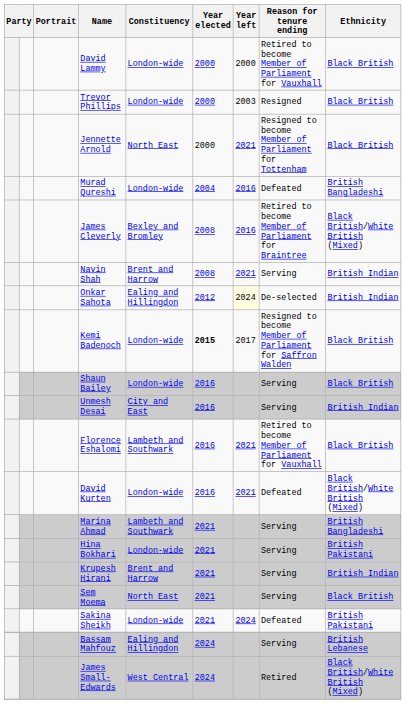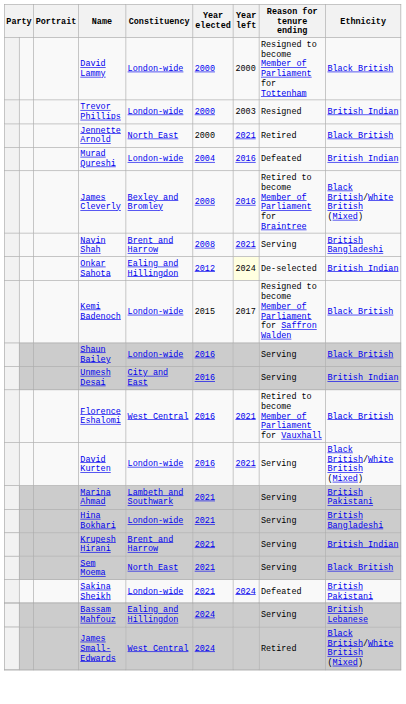 <table class="wikitable sortable">
 <tr>
 <th colspan=2>Party</th>
 <th>Portrait</th>
 <th>Name</th>
 <th>Constituency</th>
 <th>Year elected</th>
 <th>Year left</th>
 <th>Reason for tenure ending</th>
 <th>Ethnicity</th>
 </tr>
 <tr>
 <th style="background-color: "></th>
 <td></td>
 <td></td>
 <td><a href='#'>David Lammy</a></td>
 <td><a href='#'>London-wide</a></td>
 <td><a href='#'>2000</a></td>
 <td>2000</td>
-<td>Retired to become <a href='#'>Member of Parliament</a> for <a href='#'>Vauxhall</a></td>
+<td>Resigned to become <a href='#'>Member of Parliament</a> for <a href='#'>Tottenham</a></td>
 <td><a href='#'>Black British</a></td>
 </tr>
 <tr>
 <th style="background-color: "></th>
 <td></td>
 <td></td>
 <td><a href='#'>Trevor Phillips</a></td>
 <td><a href='#'>London-wide</a></td>
 <td><a href='#'>2000</a></td>
 <td>2003</td>
 <td>Resigned</td>
-<td><a href='#'>Black British</a></td>
+<td><a href='#'>British Indian</a></td>
 </tr>
 <tr>
 <th style="background-color: "></th>
 <td></td>
 <td></td>
 <td><a href='#'>Jennette Arnold</a></td>
 <td><a href='#'>North East</a></td>
 <td>2000</td>
 <td><a href='#'>2021</a></td>
-<td>Resigned to become <a href='#'>Member of Parliament</a> for <a href='#'>Tottenham</a></td>
+<td>Retired</td>
 <td><a href='#'>Black British</a></td>
 </tr>
 <tr>
 <th style="background-color: "></th>
 <td></td>
 <td></td>
 <td><a href='#'>Murad Qureshi</a></td>
 <td><a href='#'>London-wide</a></td>
 <td><a href='#'>2004</a></td>
 <td><a href='#'>2016</a></td>
 <td>Defeated</td>
-<td><a href='#'>British Bangladeshi</a></td>
+<td><a href='#'>British Indian</a></td>
 </tr>
 <tr>
 <th style="background-color: "></th>
 <td></td>
 <td></td>
 <td><a href='#'>James Cleverly</a></td>
 <td><a href='#'>Bexley and Bromley</a></td>
 <td><a href='#'>2008</a></td>
 <td><a href='#'>2016</a></td>
 <td>Retired to become <a href='#'>Member of Parliament</a> for <a href='#'>Braintree</a></td>
 <td><a href='#'>Black British</a>/<a href='#'>White British</a> (<a href='#'>Mixed</a>)</td>
 </tr>
 <tr>
 <th style="background-color: "></th>
 <td></td>
 <td></td>
 <td><a href='#'>Navin Shah</a></td>
 <td><a href='#'>Brent and Harrow</a></td>
 <td><a href='#'>2008</a></td>
 <td><a href='#'>2021</a></td>
 <td>Serving</td>
-<td><a href='#'>British Indian</a></td>
+<td><a href='#'>British Bangladeshi</a></td>
 </tr>
 <tr>
 <th style="background-color: "></th>
 <td></td>
 <td></td>
 <td><a href='#'>Onkar Sahota</a></td>
 <td><a href='#'>Ealing and Hillingdon</a></td>
 <td><a href='#'>2012</a></td>
 <td style="background: lightyellow;">2024</td>
 <td>De-selected</td>
 <td><a href='#'>British Indian</a></td>
 </tr>
 <tr>
 <th style="background-color: "></th>
 <td></td>
 <td></td>
 <td><a href='#'>Kemi Badenoch</a></td>
 <td><a href='#'>London-wide</a></td>
-<td><strong>2015</strong></td>
+<td>2015</td>
 <td>2017</td>
 <td>Resigned to become <a href='#'>Member of Parliament</a> for <a href='#'>Saffron Walden</a></td>
 <td><a href='#'>Black British</a></td>
 </tr>
 <tr style="background:#ccc;">
 <th style="background-color: "></th>
 <td></td>
 <td></td>
 <td><a href='#'>Shaun Bailey</a></td>
 <td><a href='#'>London-wide</a></td>
 <td><a href='#'>2016</a></td>
 <td></td>
 <td>Serving</td>
 <td><a href='#'>Black British</a></td>
 </tr>
 <tr style="background:#ccc;">
 <th style="background-color: "></th>
 <td></td>
 <td></td>
 <td><a href='#'>Unmesh Desai</a></td>
 <td><a href='#'>City and East</a></td>
 <td><a href='#'>2016</a></td>
 <td></td>
 <td>Serving</td>
 <td><a href='#'>British Indian</a></td>
 </tr>
 <tr>
 <th style="background-color: "></th>
 <td></td>
 <td></td>
 <td><a href='#'>Florence Eshalomi</a></td>
-<td><a href='#'>Lambeth and Southwark</a></td>
+<td><a href='#'>West Central</a></td>
 <td><a href='#'>2016</a></td>
 <td><a href='#'>2021</a></td>
 <td>Retired to become <a href='#'>Member of Parliament</a> for <a href='#'>Vauxhall</a></td>
 <td><a href='#'>Black British</a></td>
 </tr>
 <tr>
 <th style="background-color: "></th>
 <td></td>
 <td></td>
 <td><a href='#'>David Kurten</a></td>
 <td><a href='#'>London-wide</a></td>
 <td><a href='#'>2016</a></td>
 <td><a href='#'>2021</a></td>
-<td>Defeated</td>
+<td>Serving</td>
 <td><a href='#'>Black British</a>/<a href='#'>White British</a> (<a href='#'>Mixed</a>)</td>
 </tr>
 <tr style="background:#ccc;">
 <th style="background-color: "></th>
 <td></td>
 <td></td>
 <td><a href='#'>Marina Ahmad</a></td>
 <td><a href='#'>Lambeth and Southwark</a></td>
 <td><a href='#'>2021</a></td>
 <td></td>
 <td>Serving</td>
-<td><a href='#'>British Bangladeshi</a></td>
+<td><a href='#'>British Pakistani</a></td>
 </tr>
 <tr style="background:#ccc;">
 <th style="background-color: "></th>
 <td></td>
 <td></td>
 <td><a href='#'>Hina Bokhari</a></td>
 <td><a href='#'>London-wide</a></td>
 <td><a href='#'>2021</a></td>
 <td></td>
 <td>Serving</td>
-<td><a href='#'>British Pakistani</a></td>
+<td><a href='#'>British Bangladeshi</a></td>
 </tr>
 <tr style="background:#ccc;">
 <th style="background-color: "></th>
 <td></td>
 <td></td>
 <td><a href='#'>Krupesh Hirani</a></td>
 <td><a href='#'>Brent and Harrow</a></td>
 <td><a href='#'>2021</a></td>
 <td></td>
 <td>Serving</td>
 <td><a href='#'>British Indian</a></td>
 </tr>
 <tr style="background:#ccc;">
 <th style="background-color: "></th>
 <td></td>
 <td></td>
 <td><a href='#'>Sem Moema</a></td>
 <td><a href='#'>North East</a></td>
 <td><a href='#'>2021</a></td>
 <td></td>
 <td>Serving</td>
 <td><a href='#'>Black British</a></td>
 </tr>
 <tr>
 <th style="background-color: "></th>
 <td></td>
 <td></td>
 <td><a href='#'>Sakina Sheikh</a></td>
 <td><a href='#'>London-wide</a></td>
 <td><a href='#'>2021</a></td>
 <td><a href='#'>2024</a></td>
 <td>Defeated</td>
 <td><a href='#'>British Pakistani</a></td>
 </tr>
 <tr>
 </tr>
 <tr style="background:#ccc;">
 <th style="background-color: "></th>
 <td></td>
 <td></td>
 <td><a href='#'>Bassam Mahfouz</a></td>
 <td><a href='#'>Ealing and Hillingdon</a></td>
 <td><a href='#'>2024</a></td>
 <td></td>
 <td>Serving</td>
 <td><a href='#'>British Lebanese</a></td>
 </tr>
 <tr style="background:#ccc;">
 <th style="background-color: "></th>
 <td></td>
 <td></td>
 <td><a href='#'>James Small-Edwards</a></td>
 <td><a href='#'>West Central</a></td>
 <td><a href='#'>2024</a></td>
 <td></td>
 <td>Retired</td>
 <td><a href='#'>Black British</a>/<a href='#'>White British</a> (<a href='#'>Mixed</a>)</td>
 </tr>
 <tr>
 </tr>
 </table>
